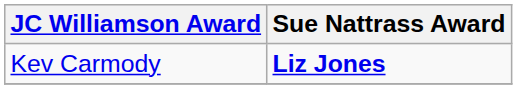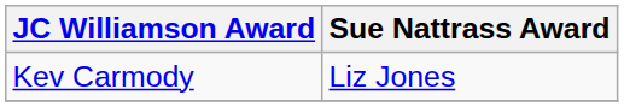 <table class="wikitable">
 <tr>
 <th><a href='#'>JC Williamson Award</a></th>
 <th>Sue Nattrass Award</th>
 </tr>
 <tr>
 <td valign="top"><a href='#'>Kev Carmody</a></td>
-<td valign="top"><strong><a href='#'>Liz Jones</a></strong></td>
+<td valign="top"><a href='#'>Liz Jones</a></td>
 </tr>
 <tr>
 </tr>
 </table>
